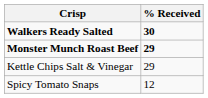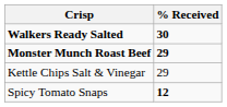 <table class="wikitable">
 <tr>
 <th>Crisp</th>
 <th>% Received</th>
 </tr>
 <tr>
 <td><strong>Walkers Ready Salted</strong></td>
 <td><strong>30</strong></td>
 </tr>
 <tr>
 <td><strong>Monster Munch Roast Beef</strong></td>
 <td><strong>29</strong></td>
 </tr>
 <tr>
 <td>Kettle Chips Salt & Vinegar</td>
 <td>29</td>
 </tr>
 <tr>
 <td>Spicy Tomato Snaps</td>
-<td>12</td>
+<td><strong>12</strong></td>
 </tr>
 </table>
